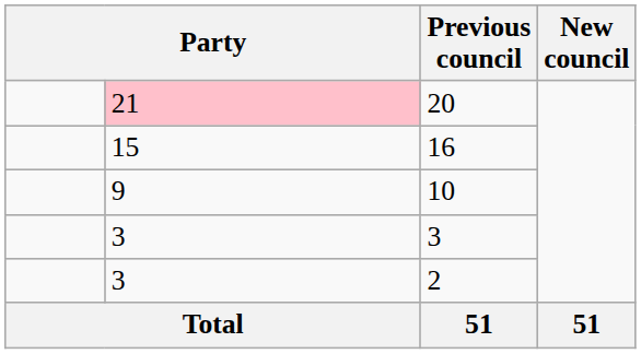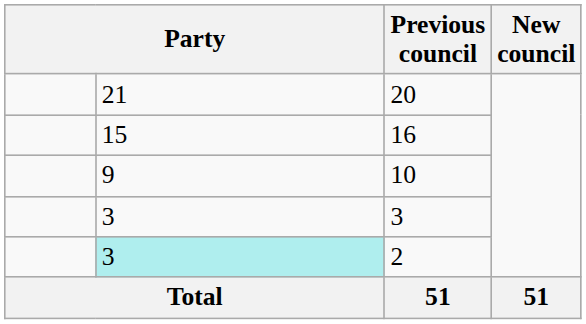 <table class="wikitable">
 <tr>
 <th valign=centre colspan="2" style="width: 230px">Party</th>
 <th valign=top style="width: 30px">Previous council</th>
 <th valign=top style="width: 30px">New council</th>
 </tr>
 <tr>
 <td></td>
-<td style="background: pink;">21</td>
+<td>21</td>
 <td>20</td>
 </tr>
 <tr>
 <td></td>
 <td>15</td>
 <td>16</td>
 </tr>
 <tr>
 <td></td>
 <td>9</td>
 <td>10</td>
 </tr>
 <tr>
 <td></td>
 <td>3</td>
 <td>3</td>
 </tr>
 <tr>
 <td></td>
-<td>3</td>
+<td style="background: paleturquoise;">3</td>
 <td>2</td>
 </tr>
 <tr>
 <th colspan=2>Total</th>
 <th style="text-align: center">51</th>
 <th colspan=3>51</th>
 </tr>
 </table>
